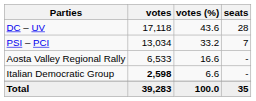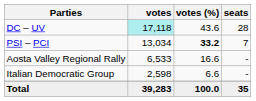 <table class="wikitable" style="font-size:95%">
 <tr bgcolor="EFEFEF">
 <th>Parties</th>
 <th>      votes</th>
 <th>votes (%)</th>
 <th>seats</th>
 </tr>
 <tr>
 <td><a href='#'>DC</a> – <a href='#'>UV</a></td>
-<td align=right>17,118</td>
+<td align=right style="background: paleturquoise;">17,118</td>
 <td align=right>43.6</td>
 <td align=right>28</td>
 </tr>
 <tr>
 <td><a href='#'>PSI</a> – <a href='#'>PCI</a></td>
 <td align=right>13,034</td>
-<td align=right>33.2</td>
+<td align=right><strong>33.2</strong></td>
 <td align=right>7</td>
 </tr>
 <tr>
 <td>Aosta Valley Regional Rally</td>
 <td align=right>6,533</td>
 <td align=right>16.6</td>
 <td align=right>-</td>
 </tr>
 <tr>
 <td>Italian Democratic Group</td>
-<td align=right><strong>2,598</strong></td>
+<td align=right>2,598</td>
 <td align=right>6.6</td>
 <td align=right>-</td>
 </tr>
 <tr>
 </tr>
 <tr bgcolor="EFEFEF">
 <td><strong>Total</strong></td>
 <td align=right><strong>39,283</strong></td>
 <td align=right><strong>100.0</strong></td>
 <td align=right><strong>35</strong></td>
 </tr>
 </table>
